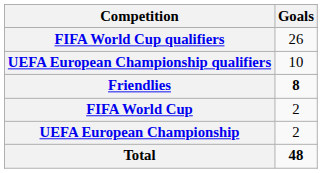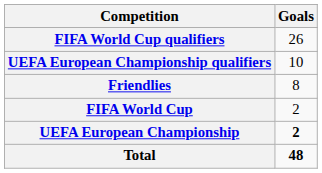 <table class="wikitable sortable plainrowheaders" style="text-align:center">
 <tr>
 <th scope=col>Competition</th>
 <th scope=col>Goals</th>
 </tr>
 <tr>
 <th scope=row><a href='#'>FIFA World Cup qualifiers</a></th>
 <td>26</td>
 </tr>
 <tr>
 <th scope=row><a href='#'>UEFA European Championship qualifiers</a></th>
 <td>10</td>
 </tr>
 <tr>
 <th scope=row><a href='#'>Friendlies</a></th>
-<td><strong>8</strong></td>
+<td>8</td>
 </tr>
 <tr>
 <th scope=row><a href='#'>FIFA World Cup</a></th>
 <td>2</td>
 </tr>
 <tr>
 <th scope=row><a href='#'>UEFA European Championship</a></th>
-<td>2</td>
+<td><strong>2</strong></td>
 </tr>
 <tr class=sortbottom>
 <th scope=row><strong>Total</strong></th>
 <td><strong>48</strong></td>
 </tr>
 </table>
